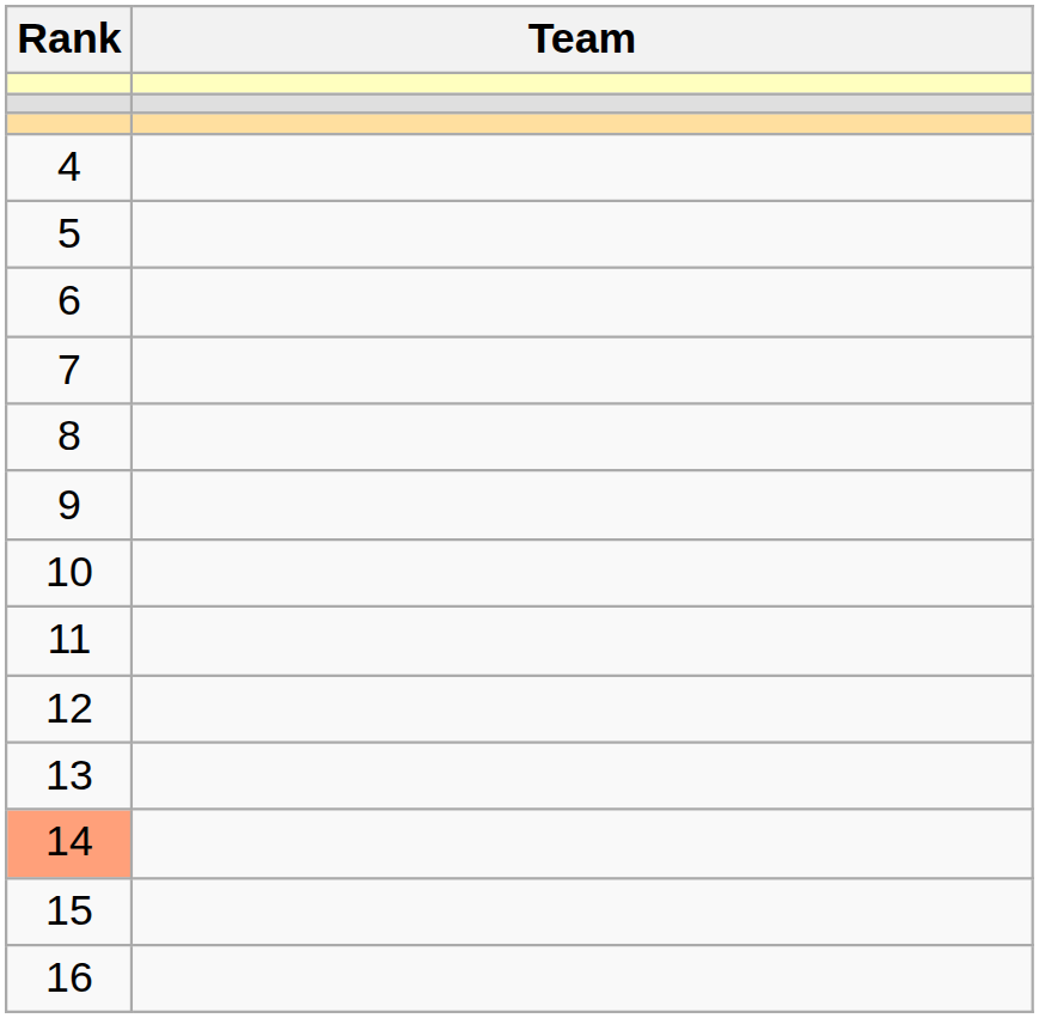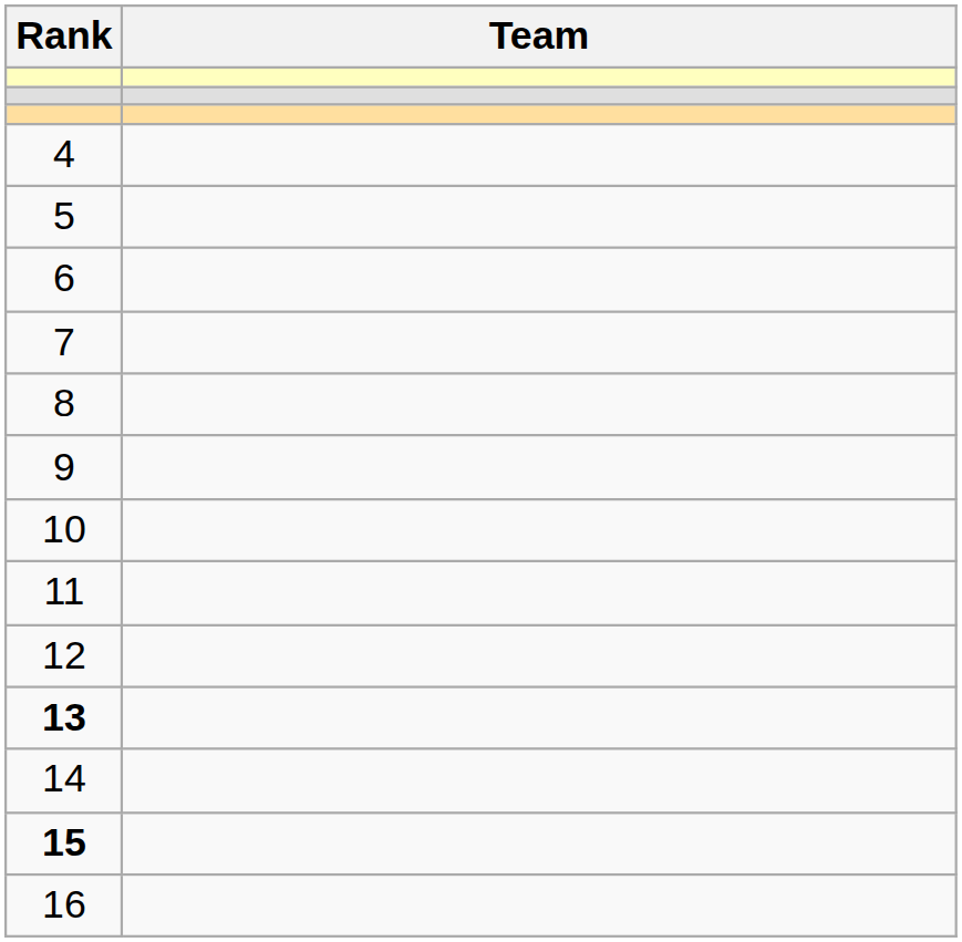 <table class="wikitable">
 <tr>
 <th width=40>Rank</th>
 <th width=330>Team</th>
 </tr>
 <tr bgcolor=#ffffbf>
 <td align=center></td>
 <td align="left"></td>
 </tr>
 <tr bgcolor=#dfdfdf>
 <td align=center></td>
 <td align="left"></td>
 </tr>
 <tr bgcolor=#ffdf9f>
 <td align=center></td>
 <td align="left"></td>
 </tr>
 <tr>
 <td align=center>4</td>
 <td align="left"></td>
 </tr>
 <tr>
 <td align=center>5</td>
 <td align="left"></td>
 </tr>
 <tr>
 <td align=center>6</td>
 <td align="left"></td>
 </tr>
 <tr>
 <td align=center>7</td>
 <td align="left"></td>
 </tr>
 <tr>
 <td align=center>8</td>
 <td align="left"></td>
 </tr>
 <tr>
 <td align=center>9</td>
 <td align="left"></td>
 </tr>
 <tr>
 <td align=center>10</td>
 <td align="left"></td>
 </tr>
 <tr>
 <td align=center>11</td>
 <td align="left"></td>
 </tr>
 <tr>
 <td align=center>12</td>
 <td align="left"></td>
 </tr>
 <tr>
-<td align=center>13</td>
+<td align=center><strong>13</strong></td>
 <td align="left"></td>
 </tr>
 <tr>
-<td align=center style="background: lightsalmon;">14</td>
+<td align=center>14</td>
 <td align="left"></td>
 </tr>
 <tr>
-<td align=center>15</td>
+<td align=center><strong>15</strong></td>
 <td align="left"></td>
 </tr>
 <tr>
 <td align=center>16</td>
 <td align="left"></td>
 </tr>
 </table>
